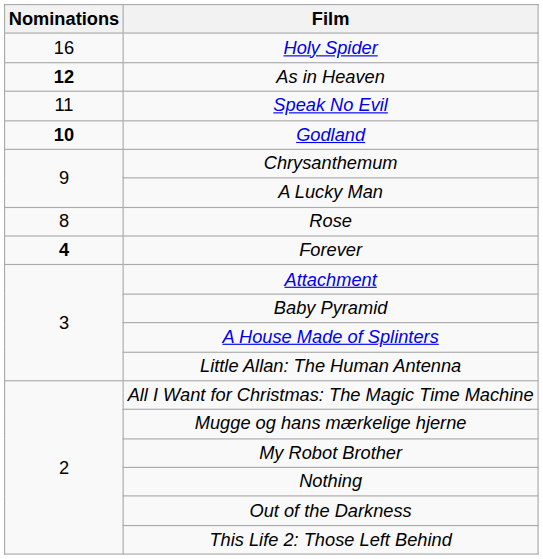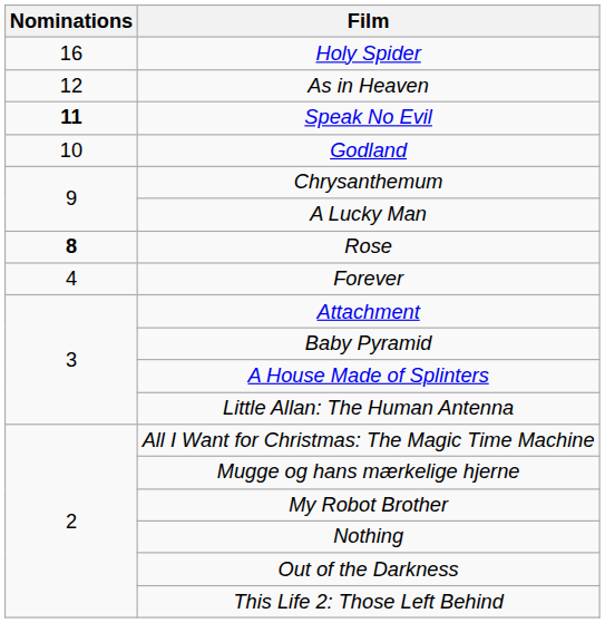 <table class="wikitable plainrowheaders" rowspan=2 style="text-align: center;" border="2" background: #f6e39c;>
 <tr>
 <th scope="col" style="width:55px;">Nominations</th>
 <th scope="col" style="text-align:center;">Film</th>
 </tr>
 <tr>
 <td>16</td>
 <td><em><a href='#'>Holy Spider</a></em></td>
 </tr>
 <tr>
-<td><strong>12</strong></td>
+<td>12</td>
 <td><em>As in Heaven</em></td>
 </tr>
 <tr>
-<td>11</td>
+<td><strong>11</strong></td>
 <td><em><a href='#'>Speak No Evil</a></em></td>
 </tr>
 <tr>
-<td><strong>10</strong></td>
+<td>10</td>
 <td><em><a href='#'>Godland</a></em></td>
 </tr>
 <tr>
 <td rowspan="2">9</td>
 <td><em>Chrysanthemum</em></td>
 </tr>
 <tr>
 <td><em>A Lucky Man</em></td>
 </tr>
 <tr>
-<td>8</td>
+<td><strong>8</strong></td>
 <td><em>Rose</em></td>
 </tr>
 <tr>
-<td><strong>4</strong></td>
+<td>4</td>
 <td><em>Forever</em></td>
 </tr>
 <tr>
 <td rowspan="4">3</td>
 <td><em><a href='#'>Attachment</a></em></td>
 </tr>
 <tr>
 <td><em>Baby Pyramid</em></td>
 </tr>
 <tr>
 <td><em><a href='#'>A House Made of Splinters</a></em></td>
 </tr>
 <tr>
 <td><em>Little Allan: The Human Antenna</em></td>
 </tr>
 <tr>
 <td rowspan="6">2</td>
 <td><em>All I Want for Christmas: The Magic Time Machine</em></td>
 </tr>
 <tr>
 <td><em>Mugge og hans mærkelige hjerne</em></td>
 </tr>
 <tr>
 <td><em>My Robot Brother</em></td>
 </tr>
 <tr>
 <td><em>Nothing</em></td>
 </tr>
 <tr>
 <td><em>Out of the Darkness</em></td>
 </tr>
 <tr>
 <td><em>This Life 2: Those Left Behind</em></td>
 </tr>
 </table>
